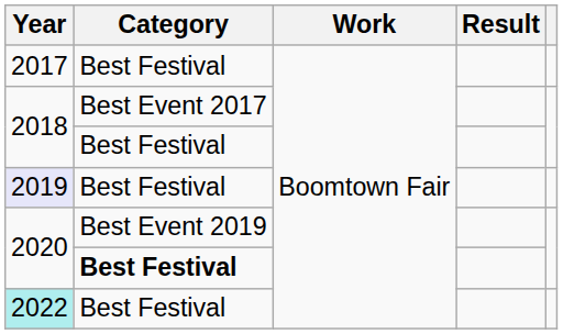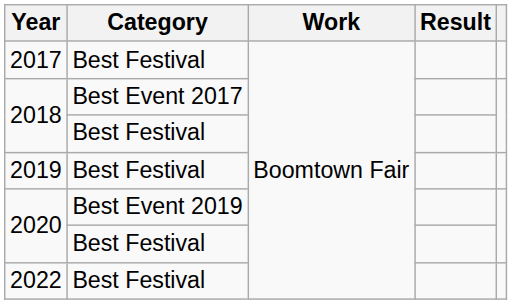 <table class="wikitable">
 <tr>
 <th>Year</th>
 <th>Category</th>
 <th>Work</th>
 <th>Result</th>
 <th></th>
 </tr>
 <tr>
 <td>2017</td>
 <td>Best Festival</td>
 <td rowspan="7">Boomtown Fair</td>
 <td></td>
 <td></td>
 </tr>
 <tr>
 <td rowspan="2">2018</td>
 <td>Best Event 2017</td>
 <td></td>
 <td rowspan="2"></td>
 </tr>
 <tr>
 <td>Best Festival</td>
 <td></td>
 </tr>
 <tr>
-<td style="background: lavender;">2019</td>
+<td>2019</td>
 <td>Best Festival</td>
 <td></td>
 <td></td>
 </tr>
 <tr>
 <td rowspan="2">2020</td>
 <td>Best Event 2019</td>
 <td></td>
 <td rowspan="2"></td>
 </tr>
 <tr>
-<td><strong>Best Festival</strong></td>
+<td>Best Festival</td>
 <td></td>
 </tr>
 <tr>
-<td style="background: paleturquoise;">2022</td>
+<td>2022</td>
 <td>Best Festival</td>
 <td></td>
 <td></td>
 </tr>
 </table>
